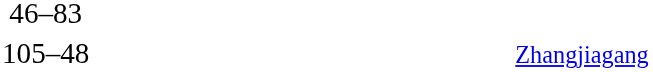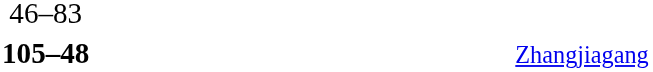 <table style="text-align:center">
 <tr>
 <th width=200></th>
 <th width=100></th>
 <th width=200></th>
 <th></th>
 </tr>
 <tr>
 <td align=right></td>
 <td>46–83</td>
 <td align=left><strong></strong></td>
 </tr>
 <tr>
 <td align=right><strong></strong></td>
-<td>105–48</td>
+<td><strong>105–48</strong></td>
 <td align=left></td>
 <td align=left><small><a href='#'>Zhangjiagang</a></small></td>
 </tr>
 </table>
